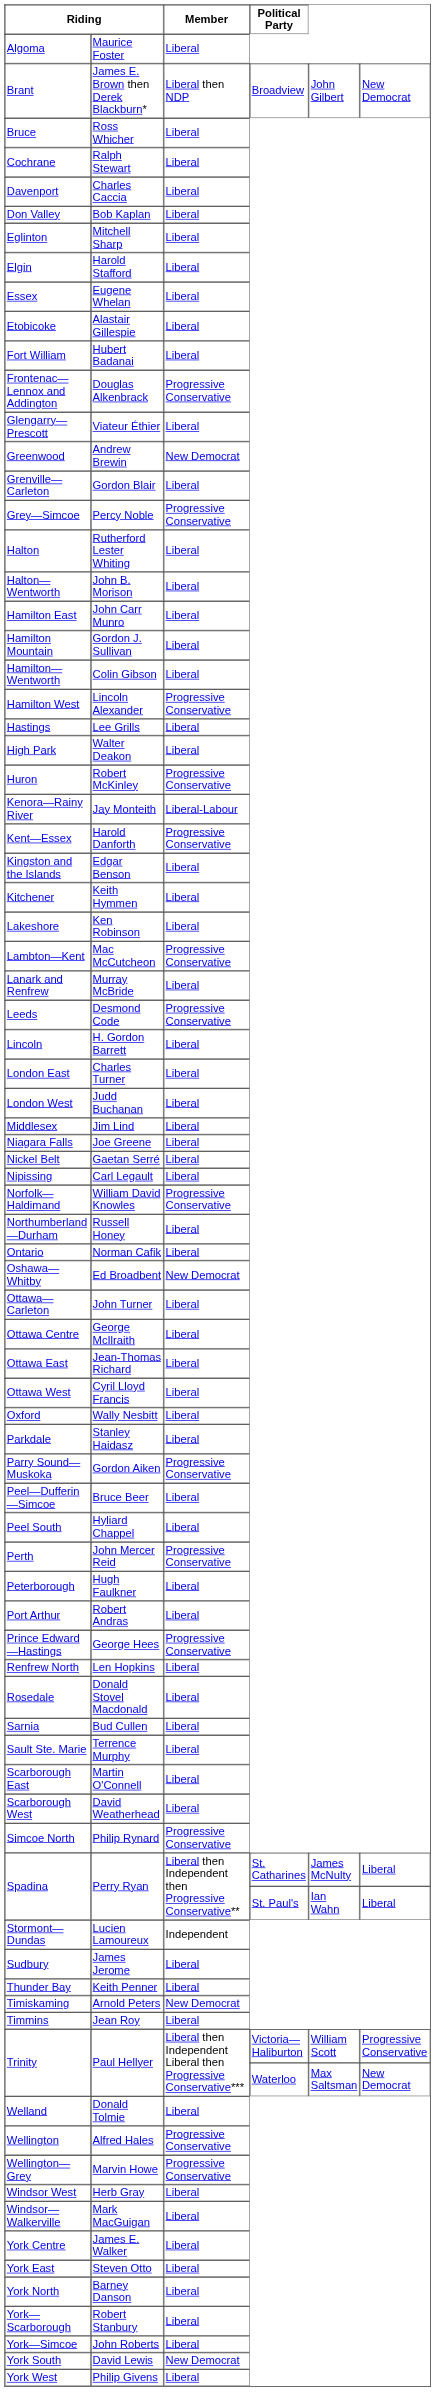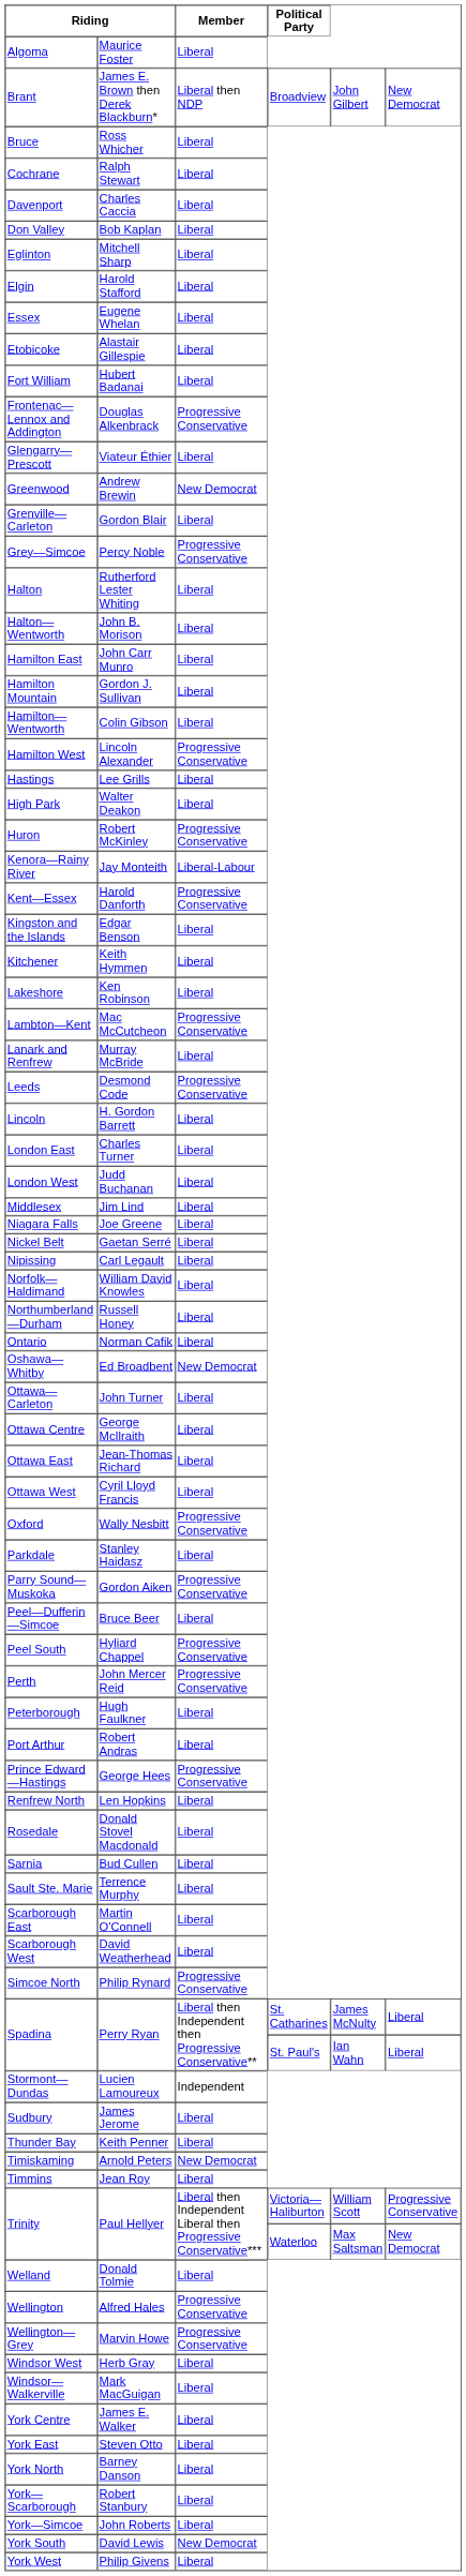 <table border="1" table width="610" cellpadding="2" cellspacing="0">
 <tr>
 <th colspan=2>Riding</th>
 <th>Member</th>
 <th>Political Party</th>
 </tr>
 <tr>
 <td><a href='#'>Algoma</a></td>
 <td><a href='#'>Maurice Foster</a></td>
 <td><a href='#'>Liberal</a></td>
 </tr>
 <tr>
 <td rowspan=2><a href='#'>Brant</a></td>
 <td rowspan=2><a href='#'>James E. Brown</a> then <a href='#'>Derek Blackburn</a>*</td>
 <td rowspan=2><a href='#'>Liberal</a> then <a href='#'>NDP</a><br></td>
 </tr>
 <tr>
 <td><a href='#'>Broadview</a></td>
 <td><a href='#'>John Gilbert</a></td>
 <td><a href='#'>New Democrat</a></td>
 </tr>
 <tr>
 <td><a href='#'>Bruce</a></td>
 <td><a href='#'>Ross Whicher</a></td>
 <td><a href='#'>Liberal</a></td>
 </tr>
 <tr>
 <td><a href='#'>Cochrane</a></td>
 <td><a href='#'>Ralph Stewart</a></td>
 <td><a href='#'>Liberal</a></td>
 </tr>
 <tr>
 <td><a href='#'>Davenport</a></td>
 <td><a href='#'>Charles Caccia</a></td>
 <td><a href='#'>Liberal</a></td>
 </tr>
 <tr>
 <td><a href='#'>Don Valley</a></td>
 <td><a href='#'>Bob Kaplan</a></td>
 <td><a href='#'>Liberal</a></td>
 </tr>
 <tr>
 <td><a href='#'>Eglinton</a></td>
 <td><a href='#'>Mitchell Sharp</a></td>
 <td><a href='#'>Liberal</a></td>
 </tr>
 <tr>
 <td><a href='#'>Elgin</a></td>
 <td><a href='#'>Harold Stafford</a></td>
 <td><a href='#'>Liberal</a></td>
 </tr>
 <tr>
 <td><a href='#'>Essex</a></td>
 <td><a href='#'>Eugene Whelan</a></td>
 <td><a href='#'>Liberal</a></td>
 </tr>
 <tr>
 <td><a href='#'>Etobicoke</a></td>
 <td><a href='#'>Alastair Gillespie</a></td>
 <td><a href='#'>Liberal</a></td>
 </tr>
 <tr>
 <td><a href='#'>Fort William</a></td>
 <td><a href='#'>Hubert Badanai</a></td>
 <td><a href='#'>Liberal</a></td>
 </tr>
 <tr>
 <td><a href='#'>Frontenac—Lennox and Addington</a></td>
 <td><a href='#'>Douglas Alkenbrack</a></td>
 <td><a href='#'>Progressive Conservative</a></td>
 </tr>
 <tr>
 <td><a href='#'>Glengarry—Prescott</a></td>
 <td><a href='#'>Viateur Éthier</a></td>
 <td><a href='#'>Liberal</a></td>
 </tr>
 <tr>
 <td><a href='#'>Greenwood</a></td>
 <td><a href='#'>Andrew Brewin</a></td>
 <td><a href='#'>New Democrat</a></td>
 </tr>
 <tr>
 <td><a href='#'>Grenville—Carleton</a></td>
 <td><a href='#'>Gordon Blair</a></td>
 <td><a href='#'>Liberal</a></td>
 </tr>
 <tr>
 <td><a href='#'>Grey—Simcoe</a></td>
 <td><a href='#'>Percy Noble</a></td>
 <td><a href='#'>Progressive Conservative</a></td>
 </tr>
 <tr>
 <td><a href='#'>Halton</a></td>
 <td><a href='#'>Rutherford Lester Whiting</a></td>
 <td><a href='#'>Liberal</a></td>
 </tr>
 <tr>
 <td><a href='#'>Halton—Wentworth</a></td>
 <td><a href='#'>John B. Morison</a></td>
 <td><a href='#'>Liberal</a></td>
 </tr>
 <tr>
 <td><a href='#'>Hamilton East</a></td>
 <td><a href='#'>John Carr Munro</a></td>
 <td><a href='#'>Liberal</a></td>
 </tr>
 <tr>
 <td><a href='#'>Hamilton Mountain</a></td>
 <td><a href='#'>Gordon J. Sullivan</a></td>
 <td><a href='#'>Liberal</a></td>
 </tr>
 <tr>
 <td><a href='#'>Hamilton—Wentworth</a></td>
 <td><a href='#'>Colin Gibson</a></td>
 <td><a href='#'>Liberal</a></td>
 </tr>
 <tr>
 <td><a href='#'>Hamilton West</a></td>
 <td><a href='#'>Lincoln Alexander</a></td>
 <td><a href='#'>Progressive Conservative</a></td>
 </tr>
 <tr>
 <td><a href='#'>Hastings</a></td>
 <td><a href='#'>Lee Grills</a></td>
 <td><a href='#'>Liberal</a></td>
 </tr>
 <tr>
 <td><a href='#'>High Park</a></td>
 <td><a href='#'>Walter Deakon</a></td>
 <td><a href='#'>Liberal</a></td>
 </tr>
 <tr>
 <td><a href='#'>Huron</a></td>
 <td><a href='#'>Robert McKinley</a></td>
 <td><a href='#'>Progressive Conservative</a></td>
 </tr>
 <tr>
 <td><a href='#'>Kenora—Rainy River</a></td>
 <td><a href='#'>Jay Monteith</a></td>
 <td><a href='#'>Liberal-Labour</a></td>
 </tr>
 <tr>
 <td><a href='#'>Kent—Essex</a></td>
 <td><a href='#'>Harold Danforth</a></td>
 <td><a href='#'>Progressive Conservative</a></td>
 </tr>
 <tr>
 <td><a href='#'>Kingston and the Islands</a></td>
 <td><a href='#'>Edgar Benson</a></td>
 <td><a href='#'>Liberal</a></td>
 </tr>
 <tr>
 <td><a href='#'>Kitchener</a></td>
 <td><a href='#'>Keith Hymmen</a></td>
 <td><a href='#'>Liberal</a></td>
 </tr>
 <tr>
 <td><a href='#'>Lakeshore</a></td>
 <td><a href='#'>Ken Robinson</a></td>
 <td><a href='#'>Liberal</a></td>
 </tr>
 <tr>
 <td><a href='#'>Lambton—Kent</a></td>
 <td><a href='#'>Mac McCutcheon</a></td>
 <td><a href='#'>Progressive Conservative</a></td>
 </tr>
 <tr>
 <td><a href='#'>Lanark and Renfrew</a></td>
 <td><a href='#'>Murray McBride</a></td>
 <td><a href='#'>Liberal</a></td>
 </tr>
 <tr>
 <td><a href='#'>Leeds</a></td>
 <td><a href='#'>Desmond Code</a></td>
 <td><a href='#'>Progressive Conservative</a></td>
 </tr>
 <tr>
 <td><a href='#'>Lincoln</a></td>
 <td><a href='#'>H. Gordon Barrett</a></td>
 <td><a href='#'>Liberal</a></td>
 </tr>
 <tr>
 <td><a href='#'>London East</a></td>
 <td><a href='#'>Charles Turner</a></td>
 <td><a href='#'>Liberal</a></td>
 </tr>
 <tr>
 <td><a href='#'>London West</a></td>
 <td><a href='#'>Judd Buchanan</a></td>
 <td><a href='#'>Liberal</a></td>
 </tr>
 <tr>
 <td><a href='#'>Middlesex</a></td>
 <td><a href='#'>Jim Lind</a></td>
 <td><a href='#'>Liberal</a></td>
 </tr>
 <tr>
 <td><a href='#'>Niagara Falls</a></td>
 <td><a href='#'>Joe Greene</a></td>
 <td><a href='#'>Liberal</a></td>
 </tr>
 <tr>
 <td><a href='#'>Nickel Belt</a></td>
 <td><a href='#'>Gaetan Serré</a></td>
 <td><a href='#'>Liberal</a></td>
 </tr>
 <tr>
 <td><a href='#'>Nipissing</a></td>
 <td><a href='#'>Carl Legault</a></td>
 <td><a href='#'>Liberal</a></td>
 </tr>
 <tr>
 <td><a href='#'>Norfolk—Haldimand</a></td>
 <td><a href='#'>William David Knowles</a></td>
-<td><a href='#'>Progressive Conservative</a></td>
+<td><a href='#'>Liberal</a></td>
 </tr>
 <tr>
 <td><a href='#'>Northumberland—Durham</a></td>
 <td><a href='#'>Russell Honey</a></td>
 <td><a href='#'>Liberal</a></td>
 </tr>
 <tr>
 <td><a href='#'>Ontario</a></td>
 <td><a href='#'>Norman Cafik</a></td>
 <td><a href='#'>Liberal</a></td>
 </tr>
 <tr>
 <td><a href='#'>Oshawa—Whitby</a></td>
 <td><a href='#'>Ed Broadbent</a></td>
 <td><a href='#'>New Democrat</a></td>
 </tr>
 <tr>
 <td><a href='#'>Ottawa—Carleton</a></td>
 <td><a href='#'>John Turner</a></td>
 <td><a href='#'>Liberal</a></td>
 </tr>
 <tr>
 <td><a href='#'>Ottawa Centre</a></td>
 <td><a href='#'>George McIlraith</a></td>
 <td><a href='#'>Liberal</a></td>
 </tr>
 <tr>
 <td><a href='#'>Ottawa East</a></td>
 <td><a href='#'>Jean-Thomas Richard</a></td>
 <td><a href='#'>Liberal</a></td>
 </tr>
 <tr>
 <td><a href='#'>Ottawa West</a></td>
 <td><a href='#'>Cyril Lloyd Francis</a></td>
 <td><a href='#'>Liberal</a></td>
 </tr>
 <tr>
 <td><a href='#'>Oxford</a></td>
 <td><a href='#'>Wally Nesbitt</a></td>
-<td><a href='#'>Liberal</a></td>
+<td><a href='#'>Progressive Conservative</a></td>
 </tr>
 <tr>
 <td><a href='#'>Parkdale</a></td>
 <td><a href='#'>Stanley Haidasz</a></td>
 <td><a href='#'>Liberal</a></td>
 </tr>
 <tr>
 <td><a href='#'>Parry Sound—Muskoka</a></td>
 <td><a href='#'>Gordon Aiken</a></td>
 <td><a href='#'>Progressive Conservative</a></td>
 </tr>
 <tr>
 <td><a href='#'>Peel—Dufferin—Simcoe</a></td>
 <td><a href='#'>Bruce Beer</a></td>
 <td><a href='#'>Liberal</a></td>
 </tr>
 <tr>
 <td><a href='#'>Peel South</a></td>
 <td><a href='#'>Hyliard Chappel</a></td>
-<td><a href='#'>Liberal</a></td>
+<td><a href='#'>Progressive Conservative</a></td>
 </tr>
 <tr>
 <td><a href='#'>Perth</a></td>
 <td><a href='#'>John Mercer Reid</a></td>
 <td><a href='#'>Progressive Conservative</a></td>
 </tr>
 <tr>
 <td><a href='#'>Peterborough</a></td>
 <td><a href='#'>Hugh Faulkner</a></td>
 <td><a href='#'>Liberal</a></td>
 </tr>
 <tr>
 <td><a href='#'>Port Arthur</a></td>
 <td><a href='#'>Robert Andras</a></td>
 <td><a href='#'>Liberal</a></td>
 </tr>
 <tr>
 <td><a href='#'>Prince Edward—Hastings</a></td>
 <td><a href='#'>George Hees</a></td>
 <td><a href='#'>Progressive Conservative</a></td>
 </tr>
 <tr>
 <td><a href='#'>Renfrew North</a></td>
 <td><a href='#'>Len Hopkins</a></td>
 <td><a href='#'>Liberal</a></td>
 </tr>
 <tr>
 <td><a href='#'>Rosedale</a></td>
 <td><a href='#'>Donald Stovel Macdonald</a></td>
 <td><a href='#'>Liberal</a></td>
 </tr>
 <tr>
 <td><a href='#'>Sarnia</a></td>
 <td><a href='#'>Bud Cullen</a></td>
 <td><a href='#'>Liberal</a></td>
 </tr>
 <tr>
 <td><a href='#'>Sault Ste. Marie</a></td>
 <td><a href='#'>Terrence Murphy</a></td>
 <td><a href='#'>Liberal</a></td>
 </tr>
 <tr>
 <td><a href='#'>Scarborough East</a></td>
 <td><a href='#'>Martin O'Connell</a></td>
 <td><a href='#'>Liberal</a></td>
 </tr>
 <tr>
 <td><a href='#'>Scarborough West</a></td>
 <td><a href='#'>David Weatherhead</a></td>
 <td><a href='#'>Liberal</a></td>
 </tr>
 <tr>
 <td><a href='#'>Simcoe North</a></td>
 <td><a href='#'>Philip Rynard</a></td>
 <td><a href='#'>Progressive Conservative</a></td>
 </tr>
 <tr>
 <td rowspan=3><a href='#'>Spadina</a></td>
 <td rowspan=3><a href='#'>Perry Ryan</a></td>
 <td rowspan=3><a href='#'>Liberal</a> then Independent then <a href='#'>Progressive Conservative</a>**<br> </td>
 </tr>
 <tr>
 <td><a href='#'>St. Catharines</a></td>
 <td><a href='#'>James McNulty</a></td>
 <td><a href='#'>Liberal</a></td>
 </tr>
 <tr>
 <td><a href='#'>St. Paul's</a></td>
 <td><a href='#'>Ian Wahn</a></td>
 <td><a href='#'>Liberal</a></td>
 </tr>
 <tr>
 <td><a href='#'>Stormont—Dundas</a></td>
 <td><a href='#'>Lucien Lamoureux</a></td>
 <td>Independent</td>
 </tr>
 <tr>
 <td><a href='#'>Sudbury</a></td>
 <td><a href='#'>James Jerome</a></td>
 <td><a href='#'>Liberal</a></td>
 </tr>
 <tr>
 <td><a href='#'>Thunder Bay</a></td>
 <td><a href='#'>Keith Penner</a></td>
 <td><a href='#'>Liberal</a></td>
 </tr>
 <tr>
 <td><a href='#'>Timiskaming</a></td>
 <td><a href='#'>Arnold Peters</a></td>
 <td><a href='#'>New Democrat</a></td>
 </tr>
 <tr>
 <td><a href='#'>Timmins</a></td>
 <td><a href='#'>Jean Roy</a></td>
 <td><a href='#'>Liberal</a></td>
 </tr>
 <tr>
 <td rowspan=3><a href='#'>Trinity</a></td>
 <td rowspan=3><a href='#'>Paul Hellyer</a></td>
 <td rowspan=3><a href='#'>Liberal</a> then Independent Liberal then <a href='#'>Progressive Conservative</a>***<br> </td>
 </tr>
 <tr>
 <td><a href='#'>Victoria—Haliburton</a></td>
 <td><a href='#'>William Scott</a></td>
 <td><a href='#'>Progressive Conservative</a></td>
 </tr>
 <tr>
 <td><a href='#'>Waterloo</a></td>
 <td><a href='#'>Max Saltsman</a></td>
 <td><a href='#'>New Democrat</a></td>
 </tr>
 <tr>
 <td><a href='#'>Welland</a></td>
 <td><a href='#'>Donald Tolmie</a></td>
 <td><a href='#'>Liberal</a></td>
 </tr>
 <tr>
 <td><a href='#'>Wellington</a></td>
 <td><a href='#'>Alfred Hales</a></td>
 <td><a href='#'>Progressive Conservative</a></td>
 </tr>
 <tr>
 <td><a href='#'>Wellington—Grey</a></td>
 <td><a href='#'>Marvin Howe</a></td>
 <td><a href='#'>Progressive Conservative</a></td>
 </tr>
 <tr>
 <td><a href='#'>Windsor West</a></td>
 <td><a href='#'>Herb Gray</a></td>
 <td><a href='#'>Liberal</a></td>
 </tr>
 <tr>
 <td><a href='#'>Windsor—Walkerville</a></td>
 <td><a href='#'>Mark MacGuigan</a></td>
 <td><a href='#'>Liberal</a></td>
 </tr>
 <tr>
 <td><a href='#'>York Centre</a></td>
 <td><a href='#'>James E. Walker</a></td>
 <td><a href='#'>Liberal</a></td>
 </tr>
 <tr>
 <td><a href='#'>York East</a></td>
 <td><a href='#'>Steven Otto</a></td>
 <td><a href='#'>Liberal</a></td>
 </tr>
 <tr>
 <td><a href='#'>York North</a></td>
 <td><a href='#'>Barney Danson</a></td>
 <td><a href='#'>Liberal</a></td>
 </tr>
 <tr>
 <td><a href='#'>York—Scarborough</a></td>
 <td><a href='#'>Robert Stanbury</a></td>
 <td><a href='#'>Liberal</a></td>
 </tr>
 <tr>
 <td><a href='#'>York—Simcoe</a></td>
 <td><a href='#'>John Roberts</a></td>
 <td><a href='#'>Liberal</a></td>
 </tr>
 <tr>
 <td><a href='#'>York South</a></td>
 <td><a href='#'>David Lewis</a></td>
 <td><a href='#'>New Democrat</a></td>
 </tr>
 <tr>
 <td><a href='#'>York West</a></td>
 <td><a href='#'>Philip Givens</a></td>
 <td><a href='#'>Liberal</a></td>
 </tr>
 </table>
